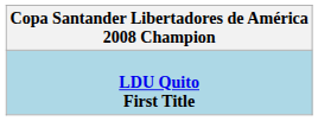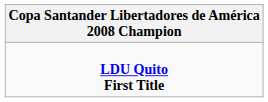 <table class="wikitable" style="text-align: center; margin: 0 auto;">
 <tr>
 <th>Copa Santander Libertadores de América<br>2008 Champion</th>
 </tr>
 <tr>
-<td style="background: lightblue;"><br><strong><a href='#'>LDU Quito</a></strong><br><strong>First Title</strong></td>
+<td><br><strong><a href='#'>LDU Quito</a></strong><br><strong>First Title</strong></td>
 </tr>
 </table>
